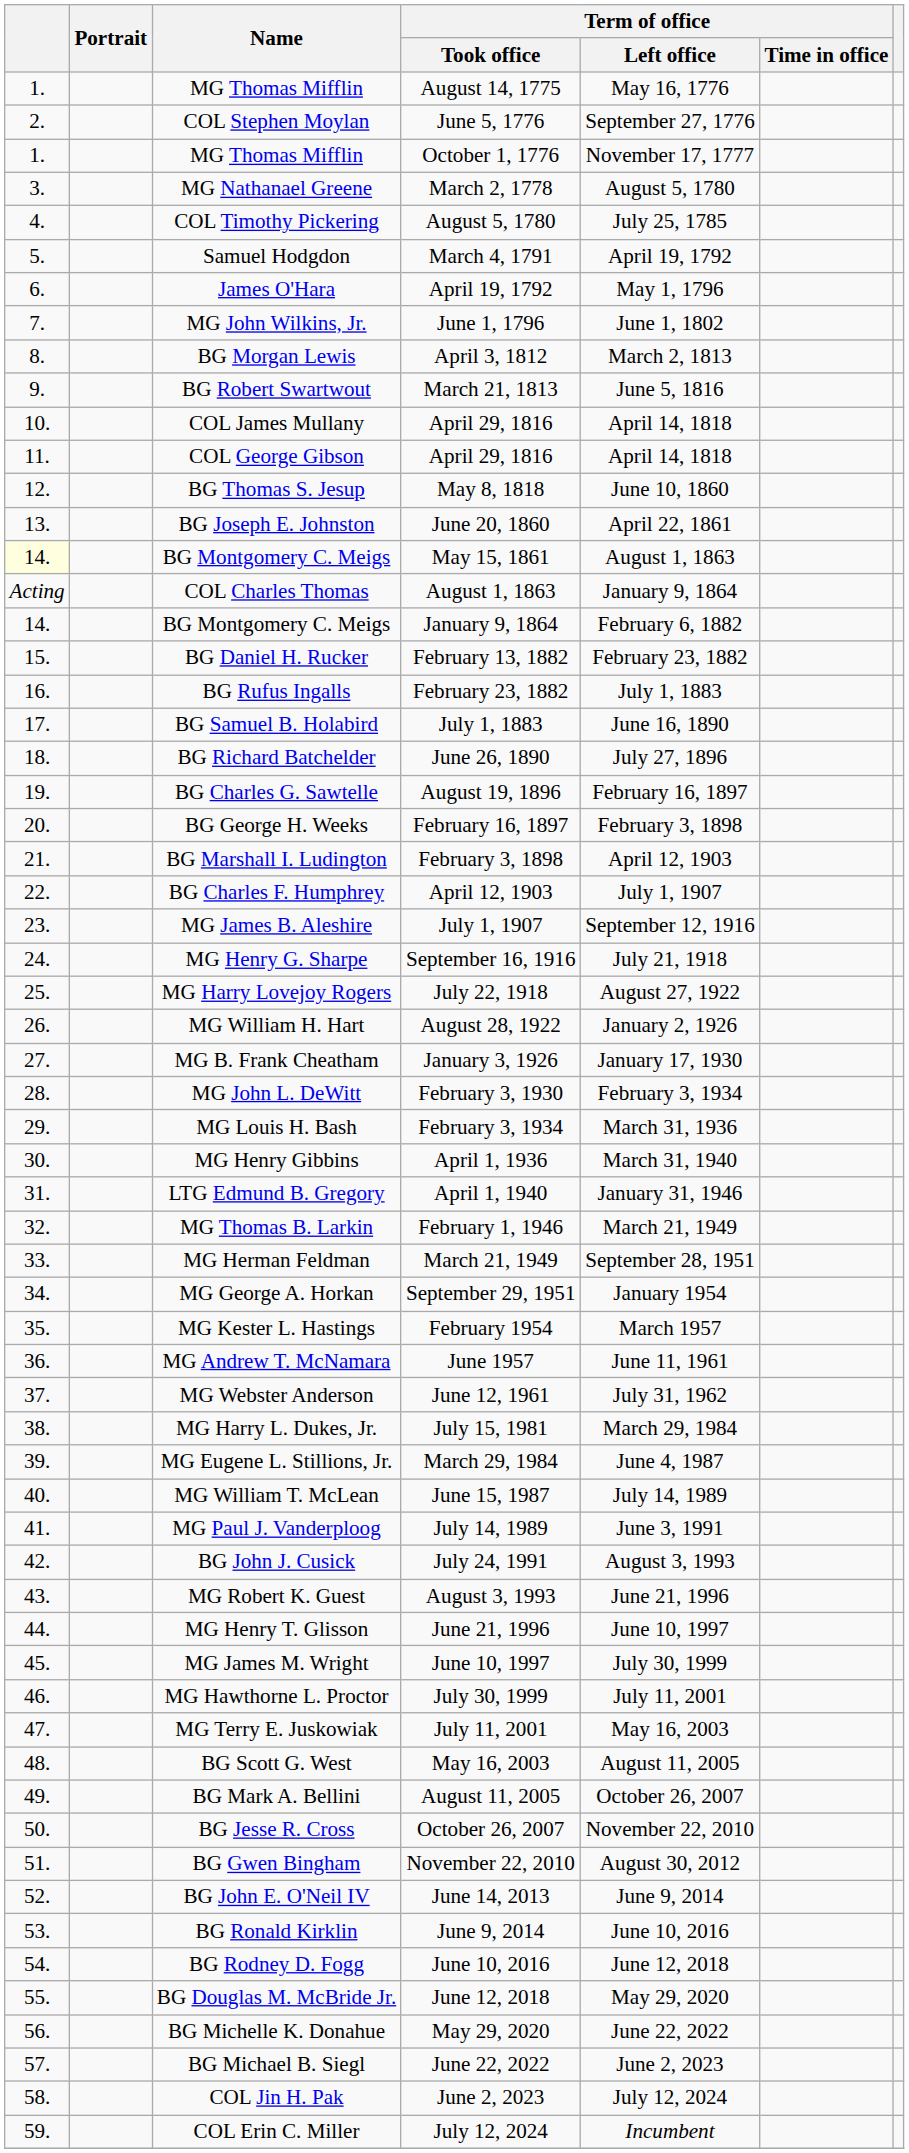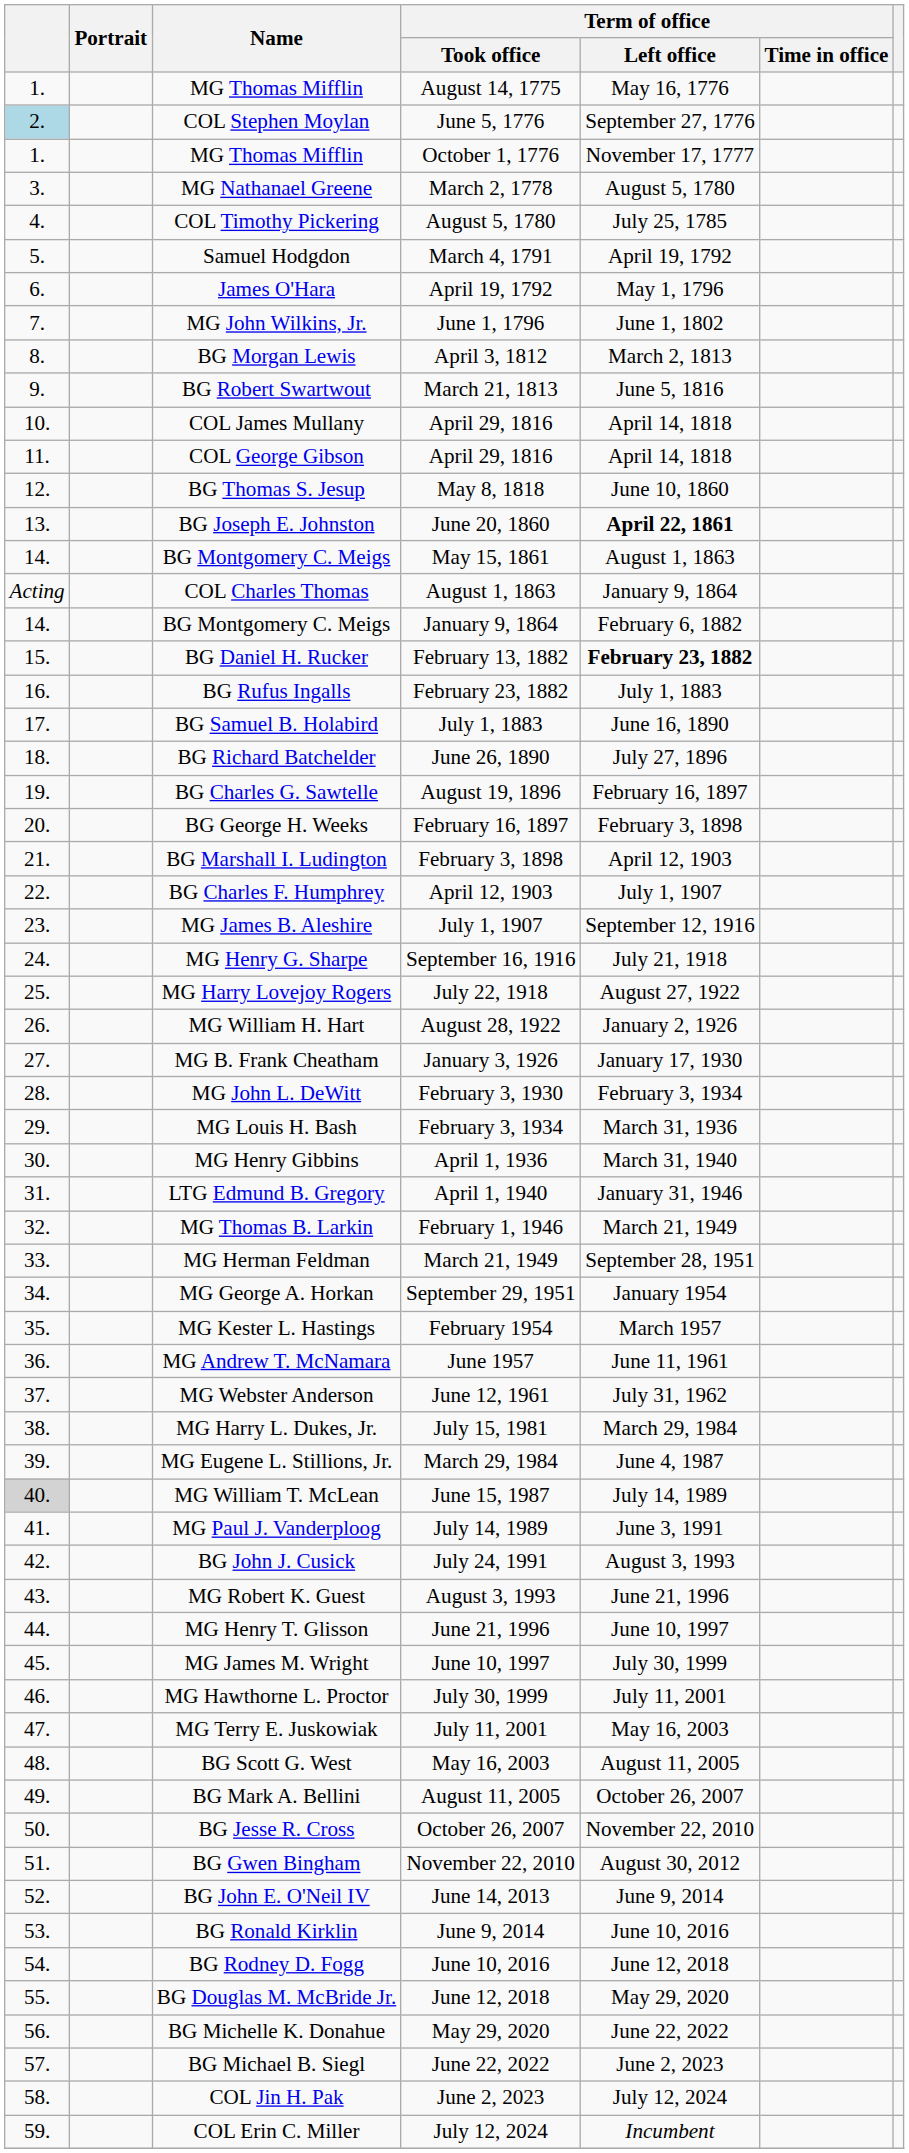 <table class="wikitable" style="text-align:center">
 <tr>
 <th rowspan=2 scope="col"></th>
 <th rowspan=2 scope="col">Portrait</th>
 <th rowspan=2 scope="col">Name<br></th>
 <th colspan=3 scope="col">Term of office</th>
 <th rowspan=2 scope="col"></th>
 </tr>
 <tr>
 <th scope="col">Took office</th>
 <th scope="col">Left office</th>
 <th scope="col">Time in office</th>
 </tr>
 <tr>
 <td>1.</td>
 <td></td>
 <td>MG <a href='#'>Thomas Mifflin</a></td>
 <td>August 14, 1775</td>
 <td>May 16, 1776</td>
 <td></td>
 <td></td>
 </tr>
 <tr>
-<td>2.</td>
+<td style="background: lightblue;">2.</td>
 <td></td>
 <td>COL <a href='#'>Stephen Moylan</a></td>
 <td>June 5, 1776</td>
 <td>September 27, 1776</td>
 <td></td>
 <td></td>
 </tr>
 <tr>
 <td>1.</td>
 <td></td>
 <td>MG <a href='#'>Thomas Mifflin</a></td>
 <td>October 1, 1776</td>
 <td>November 17, 1777</td>
 <td></td>
 <td></td>
 </tr>
 <tr>
 <td>3.</td>
 <td></td>
 <td>MG <a href='#'>Nathanael Greene</a></td>
 <td>March 2, 1778</td>
 <td>August 5, 1780</td>
 <td></td>
 <td></td>
 </tr>
 <tr>
 <td>4.</td>
 <td></td>
 <td>COL <a href='#'>Timothy Pickering</a></td>
 <td>August 5, 1780</td>
 <td>July 25, 1785</td>
 <td></td>
 <td></td>
 </tr>
 <tr>
 <td>5.</td>
 <td></td>
 <td>Samuel Hodgdon</td>
 <td>March 4, 1791</td>
 <td>April 19, 1792</td>
 <td></td>
 <td></td>
 </tr>
 <tr>
 <td>6.</td>
 <td></td>
 <td><a href='#'>James O'Hara</a></td>
 <td>April 19, 1792</td>
 <td>May 1, 1796</td>
 <td></td>
 <td></td>
 </tr>
 <tr>
 <td>7.</td>
 <td></td>
 <td>MG <a href='#'>John Wilkins, Jr.</a></td>
 <td>June 1, 1796</td>
 <td>June 1, 1802</td>
 <td></td>
 <td></td>
 </tr>
 <tr>
 <td>8.</td>
 <td></td>
 <td>BG <a href='#'>Morgan Lewis</a></td>
 <td>April 3, 1812</td>
 <td>March 2, 1813</td>
 <td></td>
 <td></td>
 </tr>
 <tr>
 <td>9.</td>
 <td></td>
 <td>BG <a href='#'>Robert Swartwout</a></td>
 <td>March 21, 1813</td>
 <td>June 5, 1816</td>
 <td></td>
 <td></td>
 </tr>
 <tr>
 <td>10.</td>
 <td></td>
 <td>COL James Mullany</td>
 <td>April 29, 1816</td>
 <td>April 14, 1818</td>
 <td></td>
 <td></td>
 </tr>
 <tr>
 <td>11.</td>
 <td></td>
 <td>COL <a href='#'>George Gibson</a></td>
 <td>April 29, 1816</td>
 <td>April 14, 1818</td>
 <td></td>
 <td></td>
 </tr>
 <tr>
 <td>12.</td>
 <td></td>
 <td>BG <a href='#'>Thomas S. Jesup</a></td>
 <td>May 8, 1818</td>
 <td>June 10, 1860</td>
 <td></td>
 <td></td>
 </tr>
 <tr>
 <td>13.</td>
 <td></td>
 <td>BG <a href='#'>Joseph E. Johnston</a></td>
 <td>June 20, 1860</td>
-<td>April 22, 1861</td>
+<td><strong>April 22, 1861</strong></td>
 <td></td>
 <td></td>
 </tr>
 <tr>
-<td style="background: lightyellow;">14.</td>
+<td>14.</td>
 <td></td>
 <td>BG <a href='#'>Montgomery C. Meigs</a></td>
 <td>May 15, 1861</td>
 <td>August 1, 1863</td>
 <td></td>
 <td></td>
 </tr>
 <tr>
 <td><em>Acting</em></td>
 <td></td>
 <td>COL <a href='#'>Charles Thomas</a></td>
 <td>August 1, 1863</td>
 <td>January 9, 1864</td>
 <td></td>
 <td></td>
 </tr>
 <tr>
 <td>14.</td>
 <td></td>
 <td>BG Montgomery C. Meigs</td>
 <td>January 9, 1864</td>
 <td>February 6, 1882</td>
 <td></td>
 <td></td>
 </tr>
 <tr>
 <td>15.</td>
 <td></td>
 <td>BG <a href='#'>Daniel H. Rucker</a></td>
 <td>February 13, 1882</td>
-<td>February 23, 1882</td>
+<td><strong>February 23, 1882</strong></td>
 <td></td>
 <td></td>
 </tr>
 <tr>
 <td>16.</td>
 <td></td>
 <td>BG <a href='#'>Rufus Ingalls</a></td>
 <td>February 23, 1882</td>
 <td>July 1, 1883</td>
 <td></td>
 <td></td>
 </tr>
 <tr>
 <td>17.</td>
 <td></td>
 <td>BG <a href='#'>Samuel B. Holabird</a></td>
 <td>July 1, 1883</td>
 <td>June 16, 1890</td>
 <td></td>
 <td></td>
 </tr>
 <tr>
 <td>18.</td>
 <td></td>
 <td>BG <a href='#'>Richard Batchelder</a></td>
 <td>June 26, 1890</td>
 <td>July 27, 1896</td>
 <td></td>
 <td></td>
 </tr>
 <tr>
 <td>19.</td>
 <td></td>
 <td>BG <a href='#'>Charles G. Sawtelle</a></td>
 <td>August 19, 1896</td>
 <td>February 16, 1897</td>
 <td></td>
 <td></td>
 </tr>
 <tr>
 <td>20.</td>
 <td></td>
 <td>BG George H. Weeks</td>
 <td>February 16, 1897</td>
 <td>February 3, 1898</td>
 <td></td>
 <td></td>
 </tr>
 <tr>
 <td>21.</td>
 <td></td>
 <td>BG <a href='#'>Marshall I. Ludington</a></td>
 <td>February 3, 1898</td>
 <td>April 12, 1903</td>
 <td></td>
 <td></td>
 </tr>
 <tr>
 <td>22.</td>
 <td></td>
 <td>BG <a href='#'>Charles F. Humphrey</a></td>
 <td>April 12, 1903</td>
 <td>July 1, 1907</td>
 <td></td>
 <td></td>
 </tr>
 <tr>
 <td>23.</td>
 <td></td>
 <td>MG <a href='#'>James B. Aleshire</a></td>
 <td>July 1, 1907</td>
 <td>September 12, 1916</td>
 <td></td>
 <td></td>
 </tr>
 <tr>
 <td>24.</td>
 <td></td>
 <td>MG <a href='#'>Henry G. Sharpe</a></td>
 <td>September 16, 1916</td>
 <td>July 21, 1918</td>
 <td></td>
 <td></td>
 </tr>
 <tr>
 <td>25.</td>
 <td></td>
 <td>MG <a href='#'>Harry Lovejoy Rogers</a></td>
 <td>July 22, 1918</td>
 <td>August 27, 1922</td>
 <td></td>
 <td></td>
 </tr>
 <tr>
 <td>26.</td>
 <td></td>
 <td>MG William H. Hart</td>
 <td>August 28, 1922</td>
 <td>January 2, 1926</td>
 <td></td>
 <td></td>
 </tr>
 <tr>
 <td>27.</td>
 <td></td>
 <td>MG B. Frank Cheatham</td>
 <td>January 3, 1926</td>
 <td>January 17, 1930</td>
 <td></td>
 <td></td>
 </tr>
 <tr>
 <td>28.</td>
 <td></td>
 <td>MG <a href='#'>John L. DeWitt</a></td>
 <td>February 3, 1930</td>
 <td>February 3, 1934</td>
 <td></td>
 <td></td>
 </tr>
 <tr>
 <td>29.</td>
 <td></td>
 <td>MG Louis H. Bash</td>
 <td>February 3, 1934</td>
 <td>March 31, 1936</td>
 <td></td>
 <td></td>
 </tr>
 <tr>
 <td>30.</td>
 <td></td>
 <td>MG Henry Gibbins</td>
 <td>April 1, 1936</td>
 <td>March 31, 1940</td>
 <td></td>
 <td></td>
 </tr>
 <tr>
 <td>31.</td>
 <td></td>
 <td>LTG <a href='#'>Edmund B. Gregory</a></td>
 <td>April 1, 1940</td>
 <td>January 31, 1946</td>
 <td></td>
 <td></td>
 </tr>
 <tr>
 <td>32.</td>
 <td></td>
 <td>MG <a href='#'>Thomas B. Larkin</a></td>
 <td>February 1, 1946</td>
 <td>March 21, 1949</td>
 <td></td>
 <td></td>
 </tr>
 <tr>
 <td>33.</td>
 <td></td>
 <td>MG Herman Feldman</td>
 <td>March 21, 1949</td>
 <td>September 28, 1951</td>
 <td></td>
 <td></td>
 </tr>
 <tr>
 <td>34.</td>
 <td></td>
 <td>MG George A. Horkan</td>
 <td>September 29, 1951</td>
 <td>January 1954</td>
 <td></td>
 <td></td>
 </tr>
 <tr>
 <td>35.</td>
 <td></td>
 <td>MG Kester L. Hastings</td>
 <td>February 1954</td>
 <td>March 1957</td>
 <td></td>
 <td></td>
 </tr>
 <tr>
 <td>36.</td>
 <td></td>
 <td>MG <a href='#'>Andrew T. McNamara</a></td>
 <td>June 1957</td>
 <td>June 11, 1961</td>
 <td></td>
 <td></td>
 </tr>
 <tr>
 <td>37.</td>
 <td></td>
 <td>MG Webster Anderson</td>
 <td>June 12, 1961</td>
 <td>July 31, 1962</td>
 <td></td>
 <td></td>
 </tr>
 <tr>
 <td>38.</td>
 <td></td>
 <td>MG Harry L. Dukes, Jr.</td>
 <td>July 15, 1981</td>
 <td>March 29, 1984</td>
 <td></td>
 <td></td>
 </tr>
 <tr>
 <td>39.</td>
 <td></td>
 <td>MG Eugene L. Stillions, Jr.</td>
 <td>March 29, 1984</td>
 <td>June 4, 1987</td>
 <td></td>
 <td></td>
 </tr>
 <tr>
-<td>40.</td>
+<td style="background: lightgrey;">40.</td>
 <td></td>
 <td>MG William T. McLean</td>
 <td>June 15, 1987</td>
 <td>July 14, 1989</td>
 <td></td>
 <td></td>
 </tr>
 <tr>
 <td>41.</td>
 <td></td>
 <td>MG <a href='#'>Paul J. Vanderploog</a></td>
 <td>July 14, 1989</td>
 <td>June 3, 1991</td>
 <td></td>
 <td></td>
 </tr>
 <tr>
 <td>42.</td>
 <td></td>
 <td>BG <a href='#'>John J. Cusick</a></td>
 <td>July 24, 1991</td>
 <td>August 3, 1993</td>
 <td></td>
 <td></td>
 </tr>
 <tr>
 <td>43.</td>
 <td></td>
 <td>MG Robert K. Guest</td>
 <td>August 3, 1993</td>
 <td>June 21, 1996</td>
 <td></td>
 <td></td>
 </tr>
 <tr>
 <td>44.</td>
 <td></td>
 <td>MG Henry T. Glisson</td>
 <td>June 21, 1996</td>
 <td>June 10, 1997</td>
 <td></td>
 <td></td>
 </tr>
 <tr>
 <td>45.</td>
 <td></td>
 <td>MG James M. Wright</td>
 <td>June 10, 1997</td>
 <td>July 30, 1999</td>
 <td></td>
 <td></td>
 </tr>
 <tr>
 <td>46.</td>
 <td></td>
 <td>MG Hawthorne L. Proctor</td>
 <td>July 30, 1999</td>
 <td>July 11, 2001</td>
 <td></td>
 <td></td>
 </tr>
 <tr>
 <td>47.</td>
 <td></td>
 <td>MG Terry E. Juskowiak</td>
 <td>July 11, 2001</td>
 <td>May 16, 2003</td>
 <td></td>
 <td></td>
 </tr>
 <tr>
 <td>48.</td>
 <td></td>
 <td>BG Scott G. West</td>
 <td>May 16, 2003</td>
 <td>August 11, 2005</td>
 <td></td>
 <td></td>
 </tr>
 <tr>
 <td>49.</td>
 <td></td>
 <td>BG Mark A. Bellini</td>
 <td>August 11, 2005</td>
 <td>October 26, 2007</td>
 <td></td>
 <td></td>
 </tr>
 <tr>
 <td>50.</td>
 <td></td>
 <td>BG <a href='#'>Jesse R. Cross</a></td>
 <td>October 26, 2007</td>
 <td>November 22, 2010</td>
 <td></td>
 <td></td>
 </tr>
 <tr>
 <td>51.</td>
 <td></td>
 <td>BG <a href='#'>Gwen Bingham</a></td>
 <td>November 22, 2010</td>
 <td>August 30, 2012</td>
 <td></td>
 <td></td>
 </tr>
 <tr>
 <td>52.</td>
 <td></td>
 <td>BG <a href='#'>John E. O'Neil IV</a></td>
 <td>June 14, 2013</td>
 <td>June 9, 2014</td>
 <td></td>
 <td></td>
 </tr>
 <tr>
 <td>53.</td>
 <td></td>
 <td>BG <a href='#'>Ronald Kirklin</a></td>
 <td>June 9, 2014</td>
 <td>June 10, 2016</td>
 <td></td>
 <td></td>
 </tr>
 <tr>
 <td>54.</td>
 <td></td>
 <td>BG <a href='#'>Rodney D. Fogg</a></td>
 <td>June 10, 2016</td>
 <td>June 12, 2018</td>
 <td></td>
 <td></td>
 </tr>
 <tr>
 <td>55.</td>
 <td></td>
 <td>BG <a href='#'>Douglas M. McBride Jr.</a></td>
 <td>June 12, 2018</td>
 <td>May 29, 2020</td>
 <td></td>
 <td></td>
 </tr>
 <tr>
 <td>56.</td>
 <td></td>
 <td>BG Michelle K. Donahue</td>
 <td>May 29, 2020</td>
 <td>June 22, 2022</td>
 <td></td>
 <td></td>
 </tr>
 <tr>
 <td>57.</td>
 <td></td>
 <td>BG Michael B. Siegl</td>
 <td>June 22, 2022</td>
 <td>June 2, 2023</td>
 <td></td>
 <td></td>
 </tr>
 <tr>
 <td>58.</td>
 <td></td>
 <td>COL <a href='#'>Jin H. Pak</a></td>
 <td>June 2, 2023</td>
 <td>July 12, 2024</td>
 <td></td>
 <td></td>
 </tr>
 <tr>
 <td>59.</td>
 <td></td>
 <td>COL Erin C. Miller</td>
 <td>July 12, 2024</td>
 <td><em>Incumbent</em></td>
 <td></td>
 <td></td>
 </tr>
 <tr>
 </tr>
 </table>
